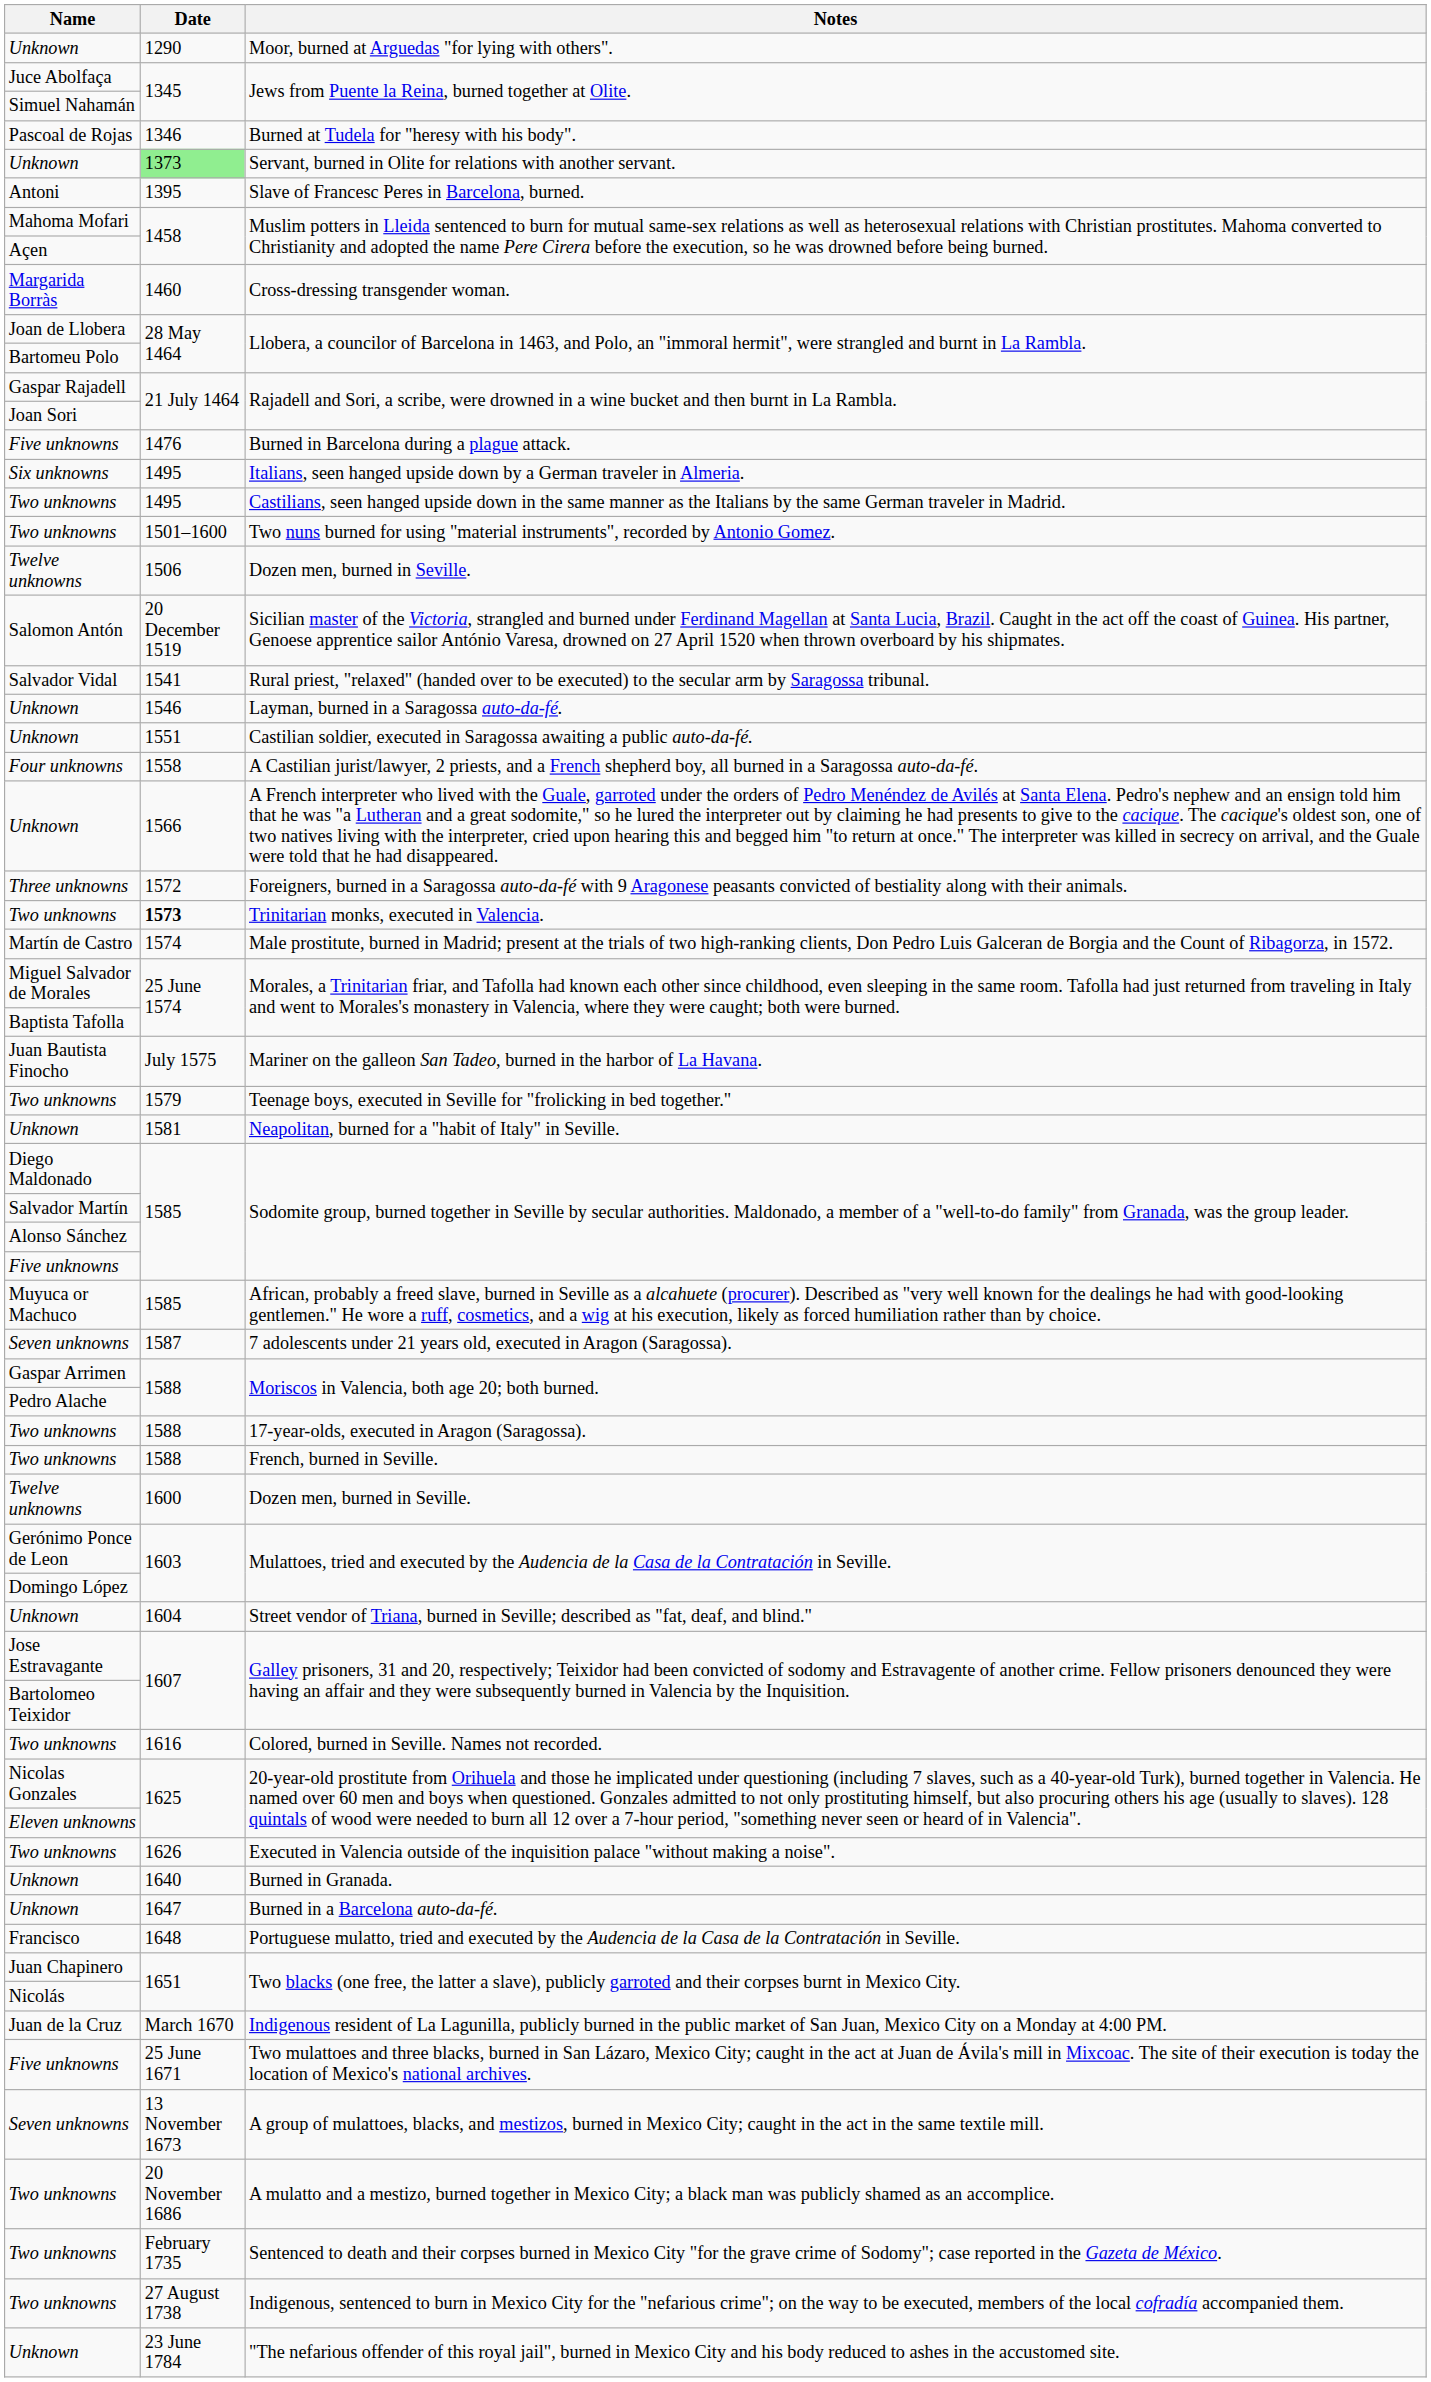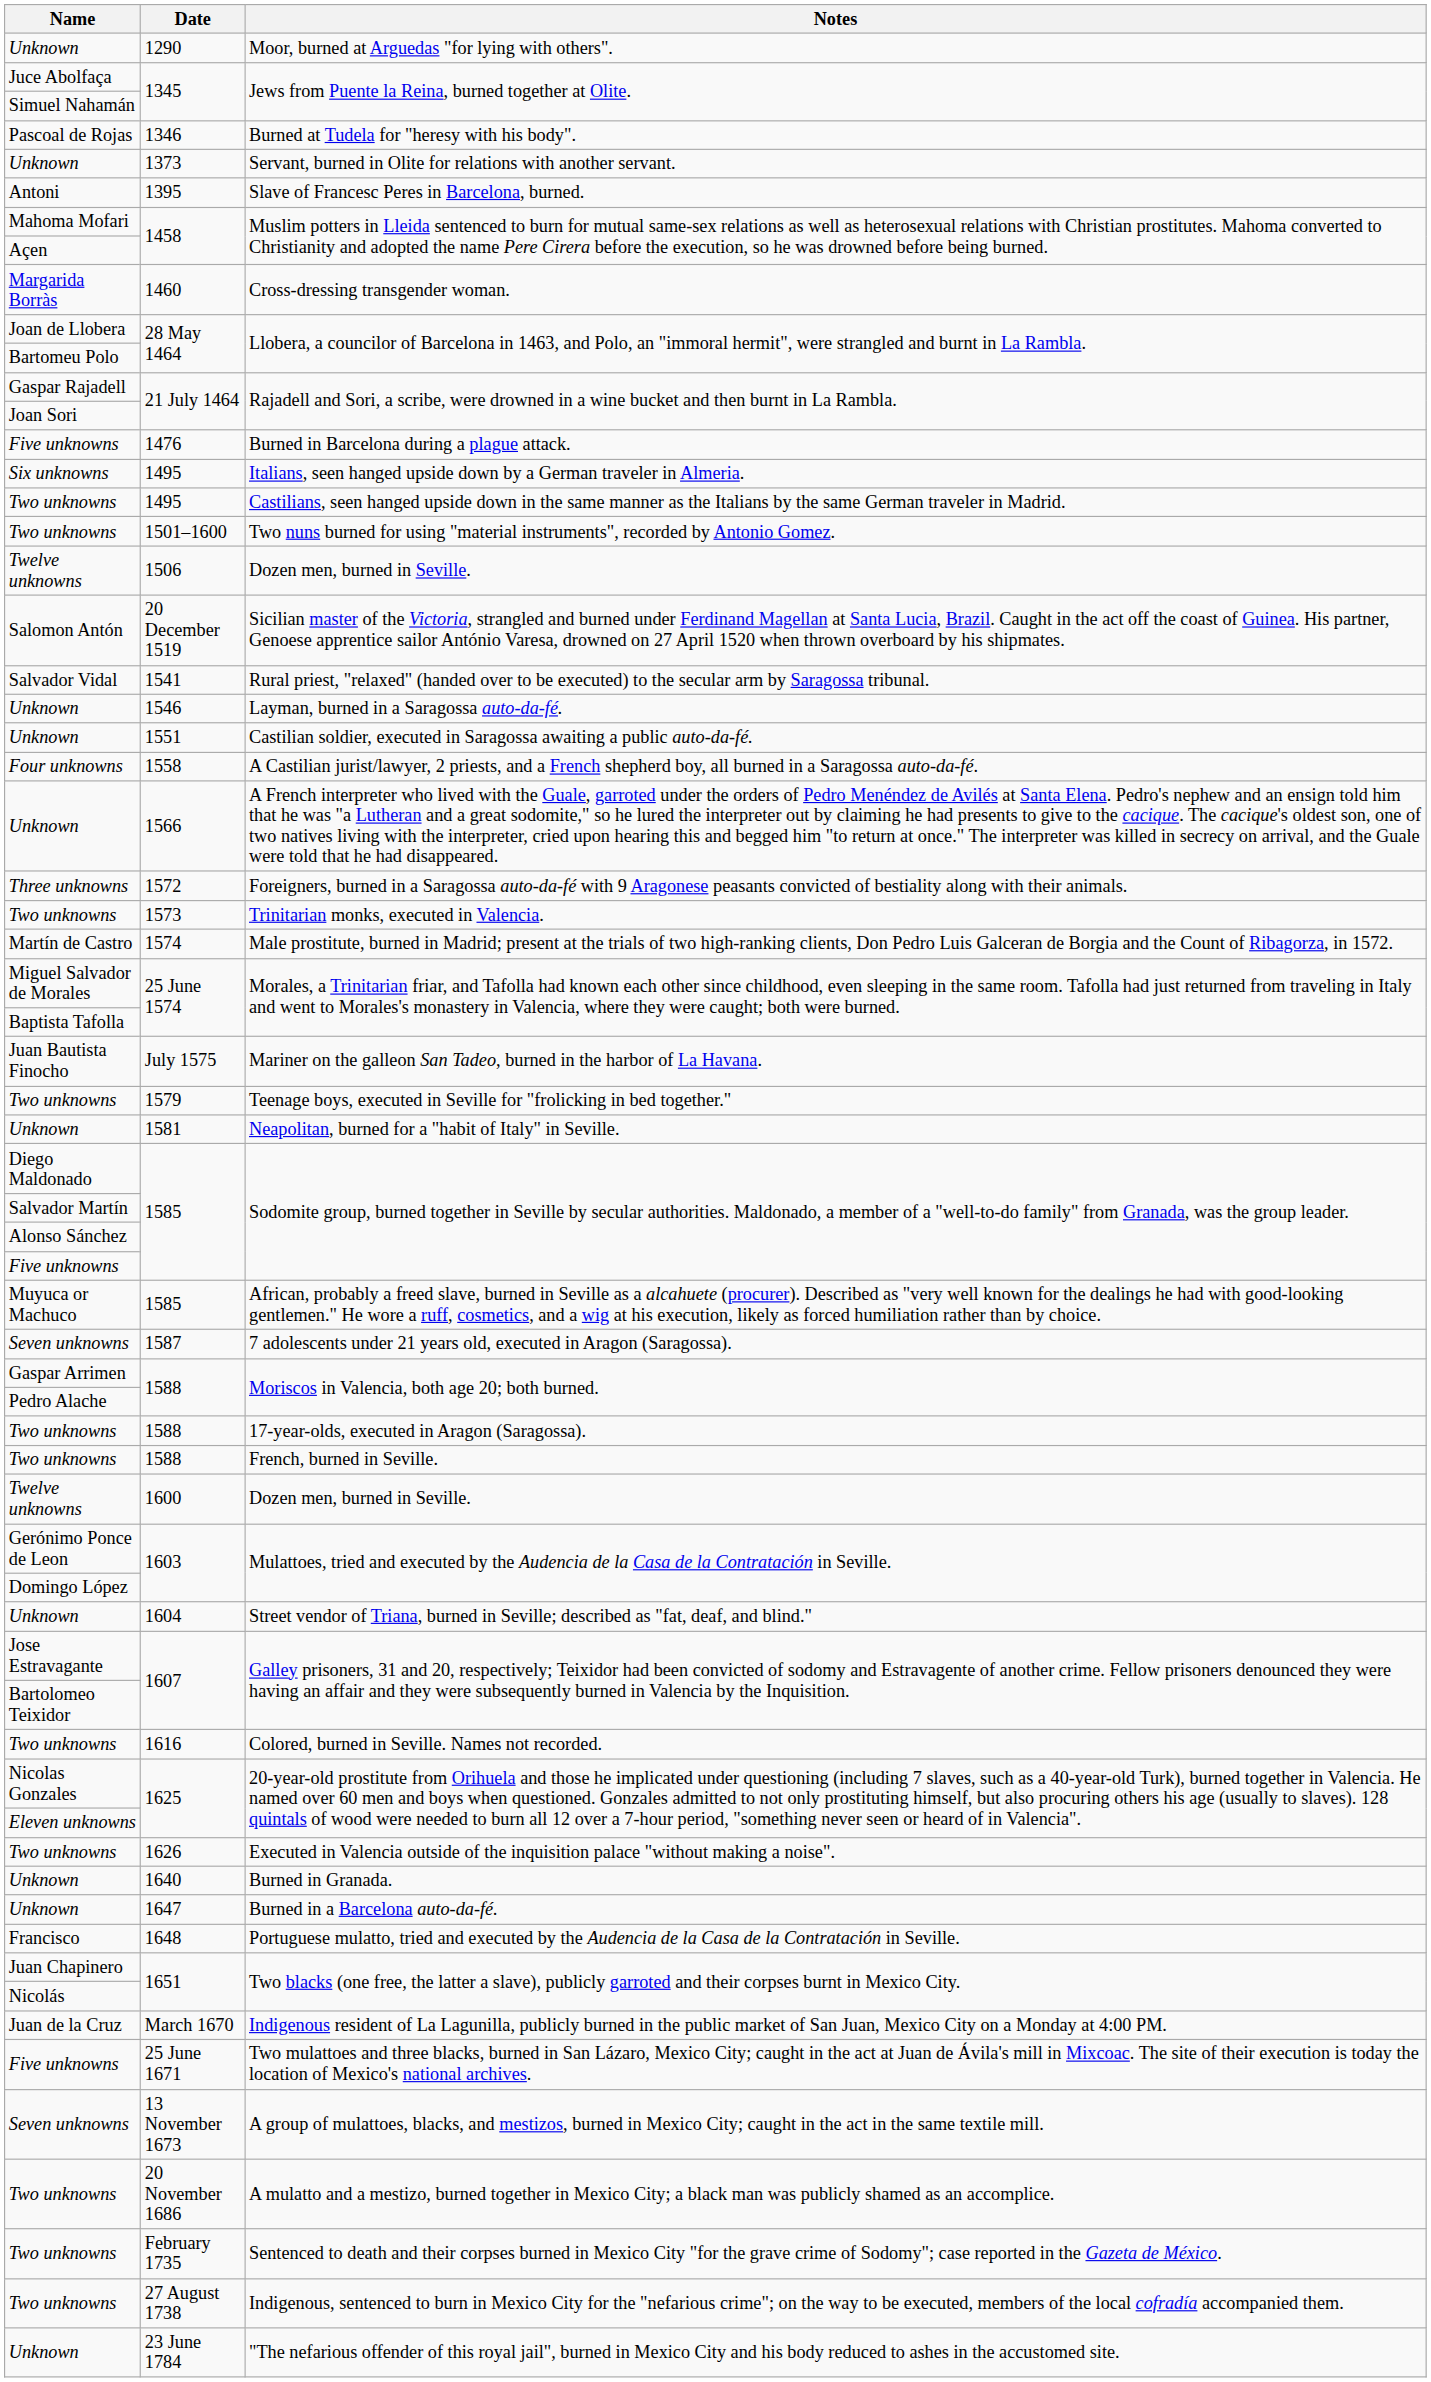 <table class="wikitable sortable" style="text-align:left">
 <tr>
 <th>Name</th>
 <th>Date</th>
 <th>Notes</th>
 </tr>
 <tr>
 <td><em>Unknown</em></td>
 <td>1290</td>
 <td>Moor, burned at <a href='#'>Arguedas</a> "for lying with others".</td>
 </tr>
 <tr>
 <td>Juce Abolfaça</td>
 <td rowspan="2">1345</td>
 <td rowspan="2">Jews from <a href='#'>Puente la Reina</a>, burned together at <a href='#'>Olite</a>.</td>
 </tr>
 <tr>
 <td>Simuel Nahamán</td>
 </tr>
 <tr>
 <td>Pascoal de Rojas</td>
 <td>1346</td>
 <td>Burned at <a href='#'>Tudela</a> for "heresy with his body".</td>
 </tr>
 <tr>
 <td><em>Unknown</em></td>
-<td style="background: lightgreen;">1373</td>
+<td>1373</td>
 <td>Servant, burned in Olite for relations with another servant.</td>
 </tr>
 <tr>
 <td>Antoni</td>
 <td>1395</td>
 <td>Slave of Francesc Peres in <a href='#'>Barcelona</a>, burned.</td>
 </tr>
 <tr>
 <td>Mahoma Mofari</td>
 <td rowspan="2">1458</td>
 <td rowspan="2">Muslim potters in <a href='#'>Lleida</a> sentenced to burn for mutual same-sex relations as well as heterosexual relations with Christian prostitutes. Mahoma converted to Christianity and adopted the name <em>Pere Cirera</em> before the execution, so he was drowned before being burned.</td>
 </tr>
 <tr>
 <td>Açen</td>
 </tr>
 <tr>
 <td><a href='#'>Margarida Borràs</a></td>
 <td>1460</td>
 <td>Cross-dressing transgender woman.</td>
 </tr>
 <tr>
 <td>Joan de Llobera</td>
 <td rowspan="2">28 May 1464</td>
 <td rowspan="2">Llobera, a councilor of Barcelona in 1463, and Polo, an "immoral hermit", were strangled and burnt in <a href='#'>La Rambla</a>.</td>
 </tr>
 <tr>
 <td>Bartomeu Polo</td>
 </tr>
 <tr>
 <td>Gaspar Rajadell</td>
 <td rowspan="2">21 July 1464</td>
 <td rowspan="2">Rajadell and Sori, a scribe, were drowned in a wine bucket and then burnt in La Rambla.</td>
 </tr>
 <tr>
 <td>Joan Sori</td>
 </tr>
 <tr>
 <td><em>Five unknowns</em></td>
 <td>1476</td>
 <td>Burned in Barcelona during a <a href='#'>plague</a> attack.</td>
 </tr>
 <tr>
 <td><em>Six unknowns</em></td>
 <td>1495</td>
 <td><a href='#'>Italians</a>, seen hanged upside down by a German traveler in <a href='#'>Almeria</a>.</td>
 </tr>
 <tr>
 <td><em>Two unknowns</em></td>
 <td>1495</td>
 <td><a href='#'>Castilians</a>, seen hanged upside down in the same manner as the Italians by the same German traveler in Madrid.</td>
 </tr>
 <tr>
 <td><em>Two unknowns</em></td>
 <td>1501–1600</td>
 <td>Two <a href='#'>nuns</a> burned for using "material instruments", recorded by <a href='#'>Antonio Gomez</a>.</td>
 </tr>
 <tr>
 <td><em>Twelve unknowns</em></td>
 <td>1506</td>
 <td>Dozen men, burned in <a href='#'>Seville</a>.</td>
 </tr>
 <tr>
 <td>Salomon Antón</td>
 <td>20 December 1519</td>
 <td>Sicilian <a href='#'>master</a> of the <em><a href='#'>Victoria</a></em>, strangled and burned under <a href='#'>Ferdinand Magellan</a> at <a href='#'>Santa Lucia</a>, <a href='#'>Brazil</a>. Caught in the act off the coast of <a href='#'>Guinea</a>. His partner, Genoese apprentice sailor António Varesa, drowned on 27 April 1520 when thrown overboard by his shipmates.</td>
 </tr>
 <tr>
 <td>Salvador Vidal</td>
 <td>1541</td>
 <td>Rural priest, "relaxed" (handed over to be executed) to the secular arm by <a href='#'>Saragossa</a> tribunal.</td>
 </tr>
 <tr>
 <td><em>Unknown</em></td>
 <td>1546</td>
 <td>Layman, burned in a Saragossa <em><a href='#'>auto-da-fé</a>.</em></td>
 </tr>
 <tr>
 <td><em>Unknown</em></td>
 <td>1551</td>
 <td>Castilian soldier, executed in Saragossa awaiting a public <em>auto-da-fé.</em></td>
 </tr>
 <tr>
 <td><em>Four unknowns</em></td>
 <td>1558</td>
 <td>A Castilian jurist/lawyer, 2 priests, and a <a href='#'>French</a> shepherd boy, all burned in a Saragossa <em>auto-da-fé</em>.</td>
 </tr>
 <tr>
 <td><em>Unknown</em></td>
 <td>1566</td>
 <td>A French interpreter who lived with the <a href='#'>Guale</a>, <a href='#'>garroted</a> under the orders of <a href='#'>Pedro Menéndez de Avilés</a> at <a href='#'>Santa Elena</a>. Pedro's nephew and an ensign told him that he was "a <a href='#'>Lutheran</a> and a great sodomite," so he lured the interpreter out by claiming he had presents to give to the <em><a href='#'>cacique</a></em>. The <em>cacique</em>'s oldest son, one of two natives living with the interpreter, cried upon hearing this and begged him "to return at once." The interpreter was killed in secrecy on arrival, and the Guale were told that he had disappeared.</td>
 </tr>
 <tr>
 <td><em>Three unknowns</em></td>
 <td>1572</td>
 <td>Foreigners, burned in a Saragossa <em>auto-da-fé</em> with 9 <a href='#'>Aragonese</a> peasants convicted of bestiality along with their animals.</td>
 </tr>
 <tr>
 <td><em>Two unknowns</em></td>
-<td><strong>1573</strong></td>
+<td>1573</td>
 <td><a href='#'>Trinitarian</a> monks, executed in <a href='#'>Valencia</a>.</td>
 </tr>
 <tr>
 <td>Martín de Castro</td>
 <td>1574</td>
 <td>Male prostitute, burned in Madrid; present at the trials of two high-ranking clients, Don Pedro Luis Galceran de Borgia and the Count of <a href='#'>Ribagorza</a>, in 1572.</td>
 </tr>
 <tr>
 <td>Miguel Salvador de Morales</td>
 <td rowspan="2">25 June 1574</td>
 <td rowspan="2">Morales, a <a href='#'>Trinitarian</a> friar, and Tafolla had known each other since childhood, even sleeping in the same room. Tafolla had just returned from traveling in Italy and went to Morales's monastery in Valencia, where they were caught; both were burned.</td>
 </tr>
 <tr>
 <td>Baptista Tafolla</td>
 </tr>
 <tr>
 <td>Juan Bautista Finocho</td>
 <td>July 1575</td>
 <td>Mariner on the galleon <em>San Tadeo</em>, burned in the harbor of <a href='#'>La Havana</a>.</td>
 </tr>
 <tr>
 <td><em>Two unknowns</em></td>
 <td>1579</td>
 <td>Teenage boys, executed in Seville for "frolicking in bed together."</td>
 </tr>
 <tr>
 <td><em>Unknown</em></td>
 <td>1581</td>
 <td><a href='#'>Neapolitan</a>, burned for a "habit of Italy" in Seville.</td>
 </tr>
 <tr>
 <td>Diego Maldonado</td>
 <td rowspan="4">1585</td>
 <td rowspan="4">Sodomite group, burned together in Seville by secular authorities. Maldonado, a member of a "well-to-do family" from <a href='#'>Granada</a>, was the group leader.</td>
 </tr>
 <tr>
 <td>Salvador Martín</td>
 </tr>
 <tr>
 <td>Alonso Sánchez</td>
 </tr>
 <tr>
 <td><em>Five unknowns</em></td>
 </tr>
 <tr>
 <td>Muyuca or Machuco</td>
 <td>1585</td>
 <td>African, probably a freed slave, burned in Seville as a <em>alcahuete</em> (<a href='#'>procurer</a>). Described as "very well known for the dealings he had with good-looking gentlemen." He wore a <a href='#'>ruff</a>, <a href='#'>cosmetics</a>, and a <a href='#'>wig</a> at his execution, likely as forced humiliation rather than by choice.</td>
 </tr>
 <tr>
 <td><em>Seven unknowns</em></td>
 <td>1587</td>
 <td>7 adolescents under 21 years old, executed in Aragon (Saragossa).</td>
 </tr>
 <tr>
 <td>Gaspar Arrimen</td>
 <td rowspan="2">1588</td>
 <td rowspan="2"><a href='#'>Moriscos</a> in Valencia, both age 20; both burned.</td>
 </tr>
 <tr>
 <td>Pedro Alache</td>
 </tr>
 <tr>
 <td><em>Two unknowns</em></td>
 <td>1588</td>
 <td>17-year-olds, executed in Aragon (Saragossa).</td>
 </tr>
 <tr>
 <td><em>Two unknowns</em></td>
 <td>1588</td>
 <td>French, burned in Seville.</td>
 </tr>
 <tr>
 <td><em>Twelve unknowns</em></td>
 <td>1600</td>
 <td>Dozen men, burned in Seville.</td>
 </tr>
 <tr>
 <td>Gerónimo Ponce de Leon</td>
 <td rowspan="2">1603</td>
 <td rowspan="2">Mulattoes, tried and executed by the <em>Audencia de la <a href='#'>Casa de la Contratación</a></em> in Seville.</td>
 </tr>
 <tr>
 <td>Domingo López</td>
 </tr>
 <tr>
 <td><em>Unknown</em></td>
 <td>1604</td>
 <td>Street vendor of <a href='#'>Triana</a>, burned in Seville; described as "fat, deaf, and blind."</td>
 </tr>
 <tr>
 <td>Jose Estravagante</td>
 <td rowspan="2">1607</td>
 <td rowspan="2"><a href='#'>Galley</a> prisoners, 31 and 20, respectively; Teixidor had been convicted of sodomy and Estravagente of another crime. Fellow prisoners denounced they were having an affair and they were subsequently burned in Valencia by the Inquisition.</td>
 </tr>
 <tr>
 <td>Bartolomeo Teixidor</td>
 </tr>
 <tr>
 <td><em>Two unknowns</em></td>
 <td>1616</td>
 <td>Colored, burned in Seville. Names not recorded.</td>
 </tr>
 <tr>
 <td>Nicolas Gonzales</td>
 <td rowspan="2">1625</td>
 <td rowspan="2">20-year-old prostitute from <a href='#'>Orihuela</a> and those he implicated under questioning (including 7 slaves, such as a 40-year-old Turk), burned together in Valencia. He named over 60 men and boys when questioned. Gonzales admitted to not only prostituting himself, but also procuring others his age (usually to slaves). 128 <a href='#'>quintals</a> of wood were needed to burn all 12 over a 7-hour period, "something never seen or heard of in Valencia".</td>
 </tr>
 <tr>
 <td><em>Eleven unknowns</em></td>
 </tr>
 <tr>
 <td><em>Two unknowns</em></td>
 <td>1626</td>
 <td>Executed in Valencia outside of the inquisition palace "without making a noise".</td>
 </tr>
 <tr>
 <td><em>Unknown</em></td>
 <td>1640</td>
 <td>Burned in Granada.</td>
 </tr>
 <tr>
 <td><em>Unknown</em></td>
 <td>1647</td>
 <td>Burned in a <a href='#'>Barcelona</a> <em>auto-da-fé.</em></td>
 </tr>
 <tr>
 <td>Francisco</td>
 <td>1648</td>
 <td>Portuguese mulatto, tried  and executed by the <em>Audencia de la Casa de la Contratación</em> in Seville.</td>
 </tr>
 <tr>
 <td>Juan Chapinero</td>
 <td rowspan="2">1651</td>
 <td rowspan="2">Two <a href='#'>blacks</a> (one free, the latter a slave), publicly <a href='#'>garroted</a> and their corpses burnt in Mexico City.</td>
 </tr>
 <tr>
 <td>Nicolás</td>
 </tr>
 <tr>
 <td>Juan de la Cruz</td>
 <td>March 1670</td>
 <td><a href='#'>Indigenous</a> resident of La Lagunilla, publicly burned in the public market of San Juan, Mexico City on a Monday at 4:00 PM.</td>
 </tr>
 <tr>
 <td><em>Five unknowns</em></td>
 <td>25 June 1671</td>
 <td>Two mulattoes and three blacks, burned in San Lázaro, Mexico City; caught in the act at Juan de Ávila's mill in <a href='#'>Mixcoac</a>. The site of their execution is today the location of Mexico's <a href='#'>national archives</a>.</td>
 </tr>
 <tr>
 <td><em>Seven unknowns</em></td>
 <td>13 November 1673</td>
 <td>A group of mulattoes, blacks, and <a href='#'>mestizos</a>, burned in Mexico City; caught in the act in the same textile mill.</td>
 </tr>
 <tr>
 <td><em>Two unknowns</em></td>
 <td>20 November 1686</td>
 <td>A mulatto and a mestizo, burned together in Mexico City; a black man was publicly shamed as an accomplice.</td>
 </tr>
 <tr>
 <td><em>Two unknowns</em></td>
 <td>February 1735</td>
 <td>Sentenced to death and their corpses burned in Mexico City "for the grave crime of Sodomy"; case reported in the <em><a href='#'>Gazeta de México</a></em>.</td>
 </tr>
 <tr>
 <td><em>Two unknowns</em></td>
 <td>27 August 1738</td>
 <td>Indigenous, sentenced to burn in Mexico City for the "nefarious crime"; on the way to be executed, members of the local <em><a href='#'>cofradía</a></em> accompanied them.</td>
 </tr>
 <tr>
 <td><em>Unknown</em></td>
 <td>23 June 1784</td>
 <td>"The nefarious offender of this royal jail", burned in Mexico City and his body reduced to ashes in the accustomed site.</td>
 </tr>
 </table>
